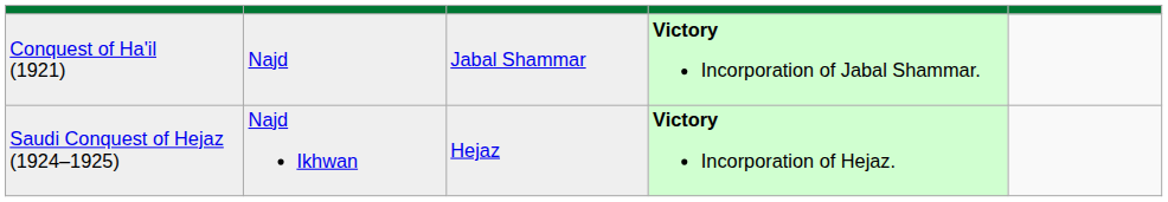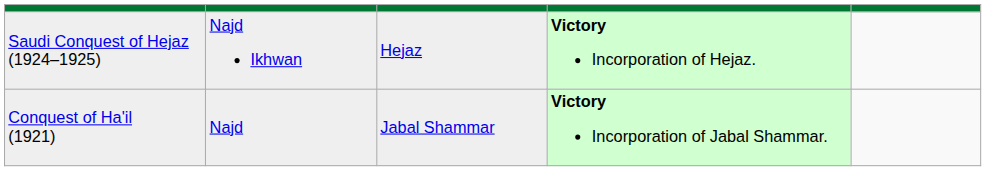 <table class="wikitable">
 <tr>
 <th style="background:#007733" width="190"></th>
 <th style="background:#007733" width="160"></th>
 <th style="background:#007733" width="160"></th>
 <th style="background:#007733" width="290"></th>
 <th style="background:#007733" width="120"></th>
 </tr>
 <tr>
+<td style="background:#efefef"><a href='#'>Saudi Conquest of Hejaz</a><br>(1924–1925)</td>
+<td style="background:#efefef"> <a href='#'>Najd</a><br><ul><li> <a href='#'>Ikhwan</a></li></ul></td>
+<td style="background:#efefef"> <a href='#'>Hejaz</a></td>
+<td style="background:#D0FFD0"><strong>Victory</strong><br><ul><li>Incorporation of Hejaz.</li></ul></td>
+<td></td>
+</tr>
+<tr>
 <td style="background:#efefef"><a href='#'>Conquest of Ha'il</a><br>(1921)</td>
 <td style="background:#efefef"> <a href='#'>Najd</a></td>
 <td style="background:#efefef"> <a href='#'>Jabal Shammar</a></td>
 <td style="background:#D0FFD0"><strong>Victory</strong><br><ul><li>Incorporation of Jabal Shammar.</li></ul></td>
 <td></td>
 </tr>
-<tr>
-<td style="background:#efefef"><a href='#'>Saudi Conquest of Hejaz</a><br>(1924–1925)</td>
-<td style="background:#efefef"> <a href='#'>Najd</a><br><ul><li> <a href='#'>Ikhwan</a></li></ul></td>
-<td style="background:#efefef"> <a href='#'>Hejaz</a></td>
-<td style="background:#D0FFD0"><strong>Victory</strong><br><ul><li>Incorporation of Hejaz.</li></ul></td>
-<td></td>
-</tr>
 </table>
